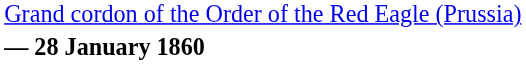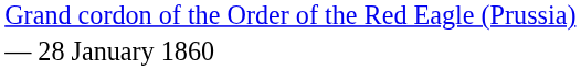 <table>
 <tr>
 <td rowspan=2 style="width:60px; vertical-align:top;"></td>
 <td><a href='#'>Grand cordon of the Order of the Red Eagle (Prussia)</a></td>
 </tr>
 <tr>
-<td><strong>— 28 January 1860</strong></td>
+<td>— 28 January 1860</td>
 </tr>
 </table>
